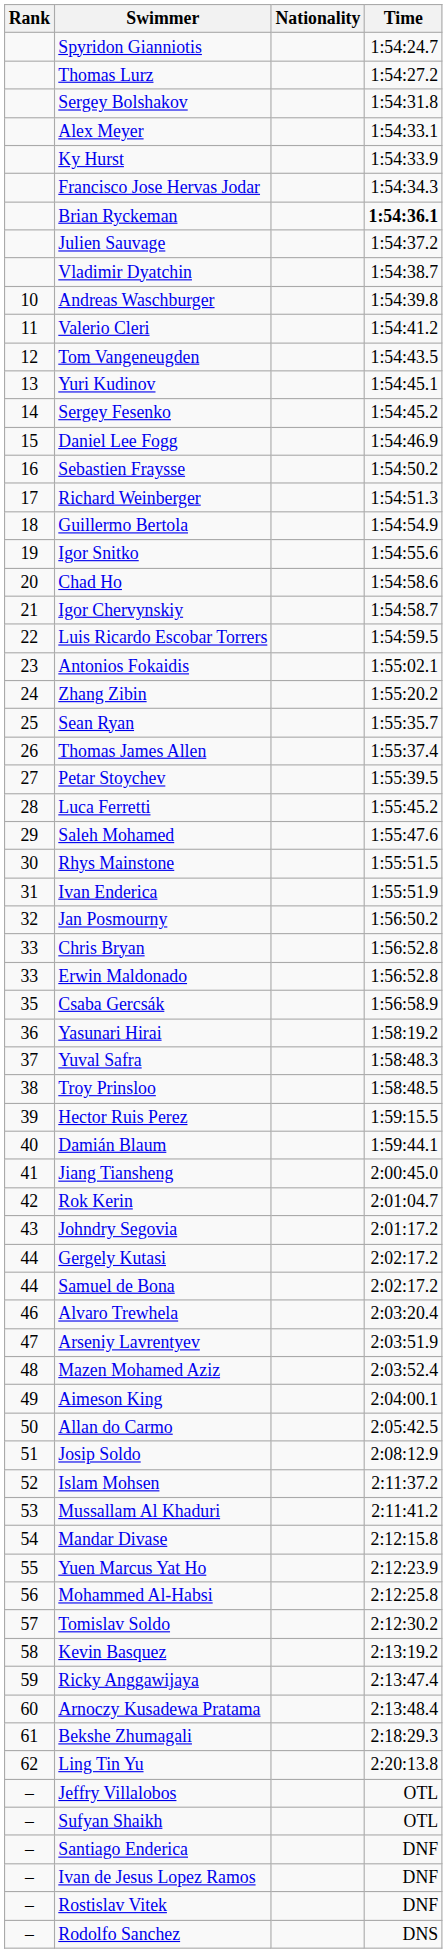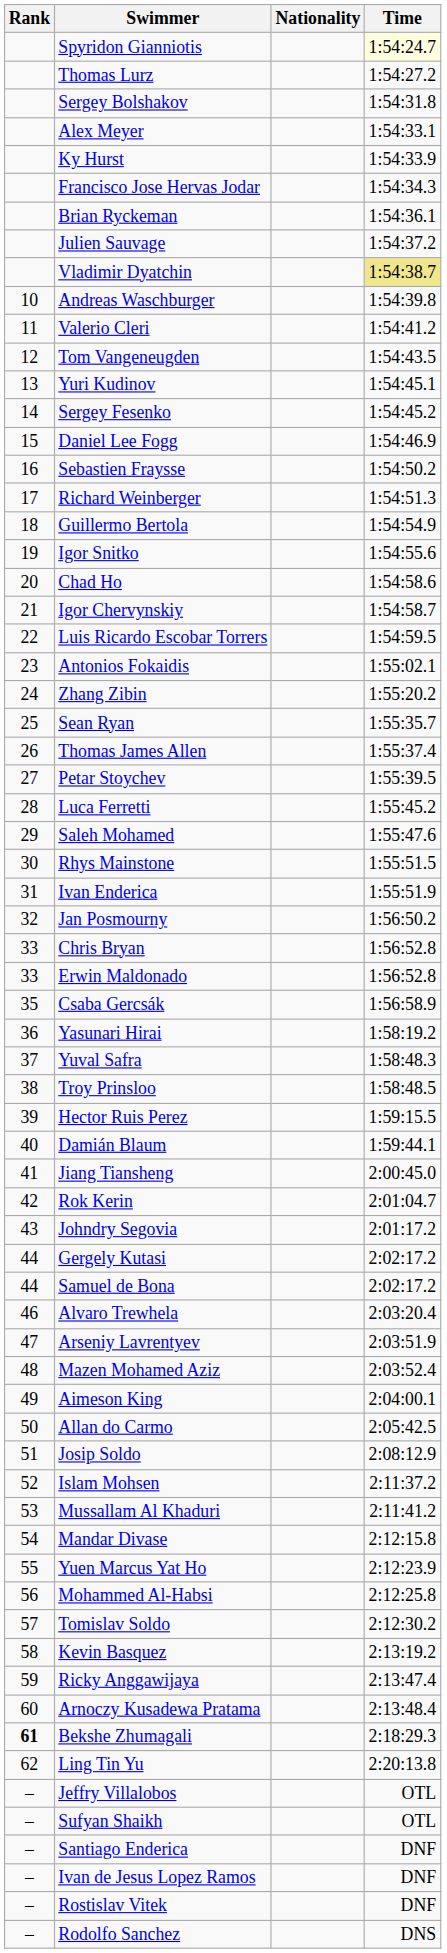 <table class="wikitable" border="1" style="text-align:center">
 <tr>
 <th>Rank</th>
 <th>Swimmer</th>
 <th>Nationality</th>
 <th>Time</th>
 </tr>
 <tr>
 <td></td>
 <td align=left><a href='#'>Spyridon Gianniotis</a></td>
 <td align=left></td>
-<td align=right>1:54:24.7</td>
+<td align=right style="background: lightyellow;">1:54:24.7</td>
 </tr>
 <tr>
 <td></td>
 <td align=left><a href='#'>Thomas Lurz</a></td>
 <td align=left></td>
 <td align=right>1:54:27.2</td>
 </tr>
 <tr>
 <td></td>
 <td align=left><a href='#'>Sergey Bolshakov</a></td>
 <td align=left></td>
 <td align=right>1:54:31.8</td>
 </tr>
 <tr>
 <td></td>
 <td align=left><a href='#'>Alex Meyer</a></td>
 <td align=left></td>
 <td align=right>1:54:33.1</td>
 </tr>
 <tr>
 <td></td>
 <td align=left><a href='#'>Ky Hurst</a></td>
 <td align=left></td>
 <td align=right>1:54:33.9</td>
 </tr>
 <tr>
 <td></td>
 <td align=left><a href='#'>Francisco Jose Hervas Jodar</a></td>
 <td align=left></td>
 <td align=right>1:54:34.3</td>
 </tr>
 <tr>
 <td></td>
 <td align=left><a href='#'>Brian Ryckeman</a></td>
 <td align=left></td>
-<td align=right><strong>1:54:36.1</strong></td>
+<td align=right>1:54:36.1</td>
 </tr>
 <tr>
 <td></td>
 <td align=left><a href='#'>Julien Sauvage</a></td>
 <td align=left></td>
 <td align=right>1:54:37.2</td>
 </tr>
 <tr>
 <td></td>
 <td align=left><a href='#'>Vladimir Dyatchin</a></td>
 <td align=left></td>
-<td align=right>1:54:38.7</td>
+<td align=right style="background: khaki;">1:54:38.7</td>
 </tr>
 <tr>
 <td>10</td>
 <td align=left><a href='#'>Andreas Waschburger</a></td>
 <td align=left></td>
 <td align=right>1:54:39.8</td>
 </tr>
 <tr>
 <td>11</td>
 <td align=left><a href='#'>Valerio Cleri</a></td>
 <td align=left></td>
 <td align=right>1:54:41.2</td>
 </tr>
 <tr>
 <td>12</td>
 <td align=left><a href='#'>Tom Vangeneugden</a></td>
 <td align=left></td>
 <td align=right>1:54:43.5</td>
 </tr>
 <tr>
 <td>13</td>
 <td align=left><a href='#'>Yuri Kudinov</a></td>
 <td align=left></td>
 <td align=right>1:54:45.1</td>
 </tr>
 <tr>
 <td>14</td>
 <td align=left><a href='#'>Sergey Fesenko</a></td>
 <td align=left></td>
 <td align=right>1:54:45.2</td>
 </tr>
 <tr>
 <td>15</td>
 <td align=left><a href='#'>Daniel Lee Fogg</a></td>
 <td align=left></td>
 <td align=right>1:54:46.9</td>
 </tr>
 <tr>
 <td>16</td>
 <td align=left><a href='#'>Sebastien Fraysse</a></td>
 <td align=left></td>
 <td align=right>1:54:50.2</td>
 </tr>
 <tr>
 <td>17</td>
 <td align=left><a href='#'>Richard Weinberger</a></td>
 <td align=left></td>
 <td align=right>1:54:51.3</td>
 </tr>
 <tr>
 <td>18</td>
 <td align=left><a href='#'>Guillermo Bertola</a></td>
 <td align=left></td>
 <td align=right>1:54:54.9</td>
 </tr>
 <tr>
 <td>19</td>
 <td align=left><a href='#'>Igor Snitko</a></td>
 <td align=left></td>
 <td align=right>1:54:55.6</td>
 </tr>
 <tr>
 <td>20</td>
 <td align=left><a href='#'>Chad Ho</a></td>
 <td align=left></td>
 <td align=right>1:54:58.6</td>
 </tr>
 <tr>
 <td>21</td>
 <td align=left><a href='#'>Igor Chervynskiy</a></td>
 <td align=left></td>
 <td align=right>1:54:58.7</td>
 </tr>
 <tr>
 <td>22</td>
 <td align=left><a href='#'>Luis Ricardo Escobar Torrers</a></td>
 <td align=left></td>
 <td align=right>1:54:59.5</td>
 </tr>
 <tr>
 <td>23</td>
 <td align=left><a href='#'>Antonios Fokaidis</a></td>
 <td align=left></td>
 <td align=right>1:55:02.1</td>
 </tr>
 <tr>
 <td>24</td>
 <td align=left><a href='#'>Zhang Zibin</a></td>
 <td align=left></td>
 <td align=right>1:55:20.2</td>
 </tr>
 <tr>
 <td>25</td>
 <td align=left><a href='#'>Sean Ryan</a></td>
 <td align=left></td>
 <td align=right>1:55:35.7</td>
 </tr>
 <tr>
 <td>26</td>
 <td align=left><a href='#'>Thomas James Allen</a></td>
 <td align=left></td>
 <td align=right>1:55:37.4</td>
 </tr>
 <tr>
 <td>27</td>
 <td align=left><a href='#'>Petar Stoychev</a></td>
 <td align=left></td>
 <td align=right>1:55:39.5</td>
 </tr>
 <tr>
 <td>28</td>
 <td align=left><a href='#'>Luca Ferretti</a></td>
 <td align=left></td>
 <td align=right>1:55:45.2</td>
 </tr>
 <tr>
 <td>29</td>
 <td align=left><a href='#'>Saleh Mohamed</a></td>
 <td align=left></td>
 <td align=right>1:55:47.6</td>
 </tr>
 <tr>
 <td>30</td>
 <td align=left><a href='#'>Rhys Mainstone</a></td>
 <td align=left></td>
 <td align=right>1:55:51.5</td>
 </tr>
 <tr>
 <td>31</td>
 <td align=left><a href='#'>Ivan Enderica</a></td>
 <td align=left></td>
 <td align=right>1:55:51.9</td>
 </tr>
 <tr>
 <td>32</td>
 <td align=left><a href='#'>Jan Posmourny</a></td>
 <td align=left></td>
 <td align=right>1:56:50.2</td>
 </tr>
 <tr>
 <td>33</td>
 <td align=left><a href='#'>Chris Bryan</a></td>
 <td align=left></td>
 <td align=right>1:56:52.8</td>
 </tr>
 <tr>
 <td>33</td>
 <td align=left><a href='#'>Erwin Maldonado</a></td>
 <td align=left></td>
 <td align=right>1:56:52.8</td>
 </tr>
 <tr>
 <td>35</td>
 <td align=left><a href='#'>Csaba Gercsák</a></td>
 <td align=left></td>
 <td align=right>1:56:58.9</td>
 </tr>
 <tr>
 <td>36</td>
 <td align=left><a href='#'>Yasunari Hirai</a></td>
 <td align=left></td>
 <td align=right>1:58:19.2</td>
 </tr>
 <tr>
 <td>37</td>
 <td align=left><a href='#'>Yuval Safra</a></td>
 <td align=left></td>
 <td align=right>1:58:48.3</td>
 </tr>
 <tr>
 <td>38</td>
 <td align=left><a href='#'>Troy Prinsloo</a></td>
 <td align=left></td>
 <td align=right>1:58:48.5</td>
 </tr>
 <tr>
 <td>39</td>
 <td align=left><a href='#'>Hector Ruis Perez</a></td>
 <td align=left></td>
 <td align=right>1:59:15.5</td>
 </tr>
 <tr>
 <td>40</td>
 <td align=left><a href='#'>Damián Blaum</a></td>
 <td align=left></td>
 <td align=right>1:59:44.1</td>
 </tr>
 <tr>
 <td>41</td>
 <td align=left><a href='#'>Jiang Tiansheng</a></td>
 <td align=left></td>
 <td align=right>2:00:45.0</td>
 </tr>
 <tr>
 <td>42</td>
 <td align=left><a href='#'>Rok Kerin</a></td>
 <td align=left></td>
 <td align=right>2:01:04.7</td>
 </tr>
 <tr>
 <td>43</td>
 <td align=left><a href='#'>Johndry Segovia</a></td>
 <td align=left></td>
 <td align=right>2:01:17.2</td>
 </tr>
 <tr>
 <td>44</td>
 <td align=left><a href='#'>Gergely Kutasi</a></td>
 <td align=left></td>
 <td align=right>2:02:17.2</td>
 </tr>
 <tr>
 <td>44</td>
 <td align=left><a href='#'>Samuel de Bona</a></td>
 <td align=left></td>
 <td align=right>2:02:17.2</td>
 </tr>
 <tr>
 <td>46</td>
 <td align=left><a href='#'>Alvaro Trewhela</a></td>
 <td align=left></td>
 <td align=right>2:03:20.4</td>
 </tr>
 <tr>
 <td>47</td>
 <td align=left><a href='#'>Arseniy Lavrentyev</a></td>
 <td align=left></td>
 <td align=right>2:03:51.9</td>
 </tr>
 <tr>
 <td>48</td>
 <td align=left><a href='#'>Mazen Mohamed Aziz</a></td>
 <td align=left></td>
 <td align=right>2:03:52.4</td>
 </tr>
 <tr>
 <td>49</td>
 <td align=left><a href='#'>Aimeson King</a></td>
 <td align=left></td>
 <td align=right>2:04:00.1</td>
 </tr>
 <tr>
 <td>50</td>
 <td align=left><a href='#'>Allan do Carmo</a></td>
 <td align=left></td>
 <td align=right>2:05:42.5</td>
 </tr>
 <tr>
 <td>51</td>
 <td align=left><a href='#'>Josip Soldo</a></td>
 <td align=left></td>
 <td align=right>2:08:12.9</td>
 </tr>
 <tr>
 <td>52</td>
 <td align=left><a href='#'>Islam Mohsen</a></td>
 <td align=left></td>
 <td align=right>2:11:37.2</td>
 </tr>
 <tr>
 <td>53</td>
 <td align=left><a href='#'>Mussallam Al Khaduri</a></td>
 <td align=left></td>
 <td align=right>2:11:41.2</td>
 </tr>
 <tr>
 <td>54</td>
 <td align=left><a href='#'>Mandar Divase</a></td>
 <td align=left></td>
 <td align=right>2:12:15.8</td>
 </tr>
 <tr>
 <td>55</td>
 <td align=left><a href='#'>Yuen Marcus Yat Ho</a></td>
 <td align=left></td>
 <td align=right>2:12:23.9</td>
 </tr>
 <tr>
 <td>56</td>
 <td align=left><a href='#'>Mohammed Al-Habsi</a></td>
 <td align=left></td>
 <td align=right>2:12:25.8</td>
 </tr>
 <tr>
 <td>57</td>
 <td align=left><a href='#'>Tomislav Soldo</a></td>
 <td align=left></td>
 <td align=right>2:12:30.2</td>
 </tr>
 <tr>
 <td>58</td>
 <td align=left><a href='#'>Kevin Basquez</a></td>
 <td align=left></td>
 <td align=right>2:13:19.2</td>
 </tr>
 <tr>
 <td>59</td>
 <td align=left><a href='#'>Ricky Anggawijaya</a></td>
 <td align=left></td>
 <td align=right>2:13:47.4</td>
 </tr>
 <tr>
 <td>60</td>
 <td align=left><a href='#'>Arnoczy Kusadewa Pratama</a></td>
 <td align=left></td>
 <td align=right>2:13:48.4</td>
 </tr>
 <tr>
-<td>61</td>
+<td><strong>61</strong></td>
 <td align=left><a href='#'>Bekshe Zhumagali</a></td>
 <td align=left></td>
 <td align=right>2:18:29.3</td>
 </tr>
 <tr>
 <td>62</td>
 <td align=left><a href='#'>Ling Tin Yu</a></td>
 <td align=left></td>
 <td align=right>2:20:13.8</td>
 </tr>
 <tr>
 <td>–</td>
 <td align=left><a href='#'>Jeffry Villalobos</a></td>
 <td align=left></td>
 <td align=right>OTL</td>
 </tr>
 <tr>
 <td>–</td>
 <td align=left><a href='#'>Sufyan Shaikh</a></td>
 <td align=left></td>
 <td align=right>OTL</td>
 </tr>
 <tr>
 <td>–</td>
 <td align=left><a href='#'>Santiago Enderica</a></td>
 <td align=left></td>
 <td align=right>DNF</td>
 </tr>
 <tr>
 <td>–</td>
 <td align=left><a href='#'>Ivan de Jesus Lopez Ramos</a></td>
 <td align=left></td>
 <td align=right>DNF</td>
 </tr>
 <tr>
 <td>–</td>
 <td align=left><a href='#'>Rostislav Vitek</a></td>
 <td align=left></td>
 <td align=right>DNF</td>
 </tr>
 <tr>
 <td>–</td>
 <td align=left><a href='#'>Rodolfo Sanchez</a></td>
 <td align=left></td>
 <td align=right>DNS</td>
 </tr>
 </table>
